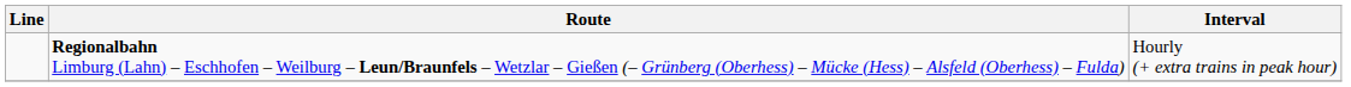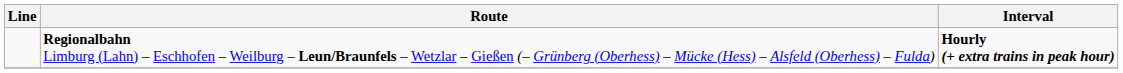 <table class="wikitable">
 <tr>
 <th>Line</th>
 <th>Route</th>
 <th>Interval</th>
 </tr>
 <tr>
 <td></td>
 <td><strong>Regionalbahn</strong><br><a href='#'>Limburg (Lahn)</a> – <a href='#'>Eschhofen</a> – <a href='#'>Weilburg</a> – <strong>Leun/Braunfels</strong> – <a href='#'>Wetzlar</a> – <a href='#'>Gießen</a> <em>(– <a href='#'>Grünberg (Oberhess)</a> – <a href='#'>Mücke (Hess)</a> – <a href='#'>Alsfeld (Oberhess)</a> – <a href='#'>Fulda</a>)</em></td>
-<td>Hourly<br> <em>(+ extra trains in peak hour)</em></td>
+<td><strong>Hourly<br> <em>(+ extra trains in peak hour)</em></strong></td>
 </tr>
 <tr>
 </tr>
 </table>
